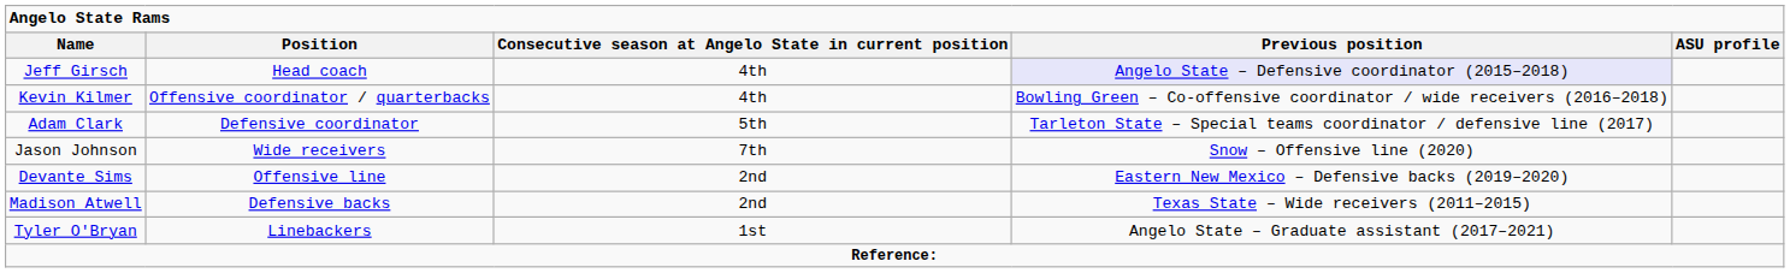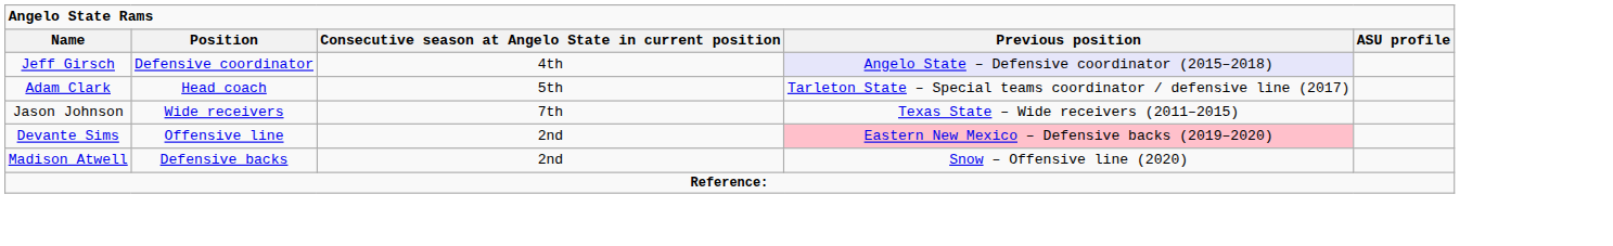 <table class="wikitable" style="font-size:90%;">
 <tr>
 <td colspan=5><strong>Angelo State Rams</strong></td>
 </tr>
 <tr align="center";>
 <th>Name</th>
 <th>Position</th>
 <th>Consecutive season at Angelo State in current position</th>
 <th>Previous position</th>
 <th>ASU profile</th>
 </tr>
 <tr align="center";>
 <td><a href='#'>Jeff Girsch</a></td>
-<td><a href='#'>Head coach</a></td>
+<td><a href='#'>Defensive coordinator</a></td>
 <td>4th</td>
 <td style="background: lavender;"><a href='#'>Angelo State</a> – Defensive coordinator (2015–2018)</td>
 <td></td>
 </tr>
 <tr align="center";>
-<td><a href='#'>Kevin Kilmer</a></td>
-<td><a href='#'>Offensive coordinator</a> / <a href='#'>quarterbacks</a></td>
-<td>4th</td>
-<td><a href='#'>Bowling Green</a> – Co-offensive coordinator / wide receivers (2016–2018)</td>
-<td></td>
-</tr>
-<tr align="center";>
 <td><a href='#'>Adam Clark</a></td>
-<td><a href='#'>Defensive coordinator</a></td>
+<td><a href='#'>Head coach</a></td>
 <td>5th</td>
 <td><a href='#'>Tarleton State</a> – Special teams coordinator / defensive line (2017)</td>
 <td></td>
 </tr>
 <tr align="center";>
 <td>Jason Johnson</td>
 <td><a href='#'>Wide receivers</a></td>
 <td>7th</td>
-<td><a href='#'>Snow</a> – Offensive line (2020)</td>
+<td><a href='#'>Texas State</a> – Wide receivers (2011–2015)</td>
 <td></td>
 </tr>
 <tr align="center";>
 <td><a href='#'>Devante Sims</a></td>
 <td><a href='#'>Offensive line</a></td>
 <td>2nd</td>
-<td><a href='#'>Eastern New Mexico</a> – Defensive backs (2019–2020)</td>
+<td style="background: pink;"><a href='#'>Eastern New Mexico</a> – Defensive backs (2019–2020)</td>
 <td></td>
 </tr>
 <tr align="center";>
 <td><a href='#'>Madison Atwell</a></td>
 <td><a href='#'>Defensive backs</a></td>
 <td>2nd</td>
-<td><a href='#'>Texas State</a> – Wide receivers (2011–2015)</td>
-<td></td>
-</tr>
-<tr align="center";>
-<td><a href='#'>Tyler O'Bryan</a></td>
-<td><a href='#'>Linebackers</a></td>
-<td>1st</td>
-<td>Angelo State – Graduate assistant (2017–2021)</td>
+<td><a href='#'>Snow</a> – Offensive line (2020)</td>
 <td></td>
 </tr>
 <tr>
 <td colspan="5" style="font-size:8pt; text-align:center;"><strong>Reference:</strong></td>
 </tr>
 </table>
